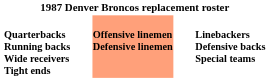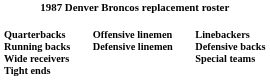 <table class="toccolours" style="text-align: left;">
 <tr>
 <th colspan="7" style="text-align:center; "><strong>1987 Denver Broncos replacement roster</strong></th>
 </tr>
 <tr>
 <td style="font-size: 95%;" valign="top"><br><strong>Quarterbacks</strong>    <br><strong>Running backs</strong>        <br><strong>Wide receivers</strong>      <br><strong>Tight ends</strong>    </td>
 <td style="width: 25px;"></td>
-<td style="background: lightsalmon; font-size: 95%;" valign="top"><br><strong>Offensive linemen</strong>         <br><strong>Defensive linemen</strong>        </td>
+<td style="font-size: 95%;" valign="top"><br><strong>Offensive linemen</strong>         <br><strong>Defensive linemen</strong>        </td>
 <td style="width: 25px;"></td>
 <td style="font-size: 95%;" valign="top"><br><strong>Linebackers</strong>        <br><strong>Defensive backs</strong>         <br><strong>Special teams</strong>   </td>
 </tr>
 <tr>
 </tr>
 </table>
